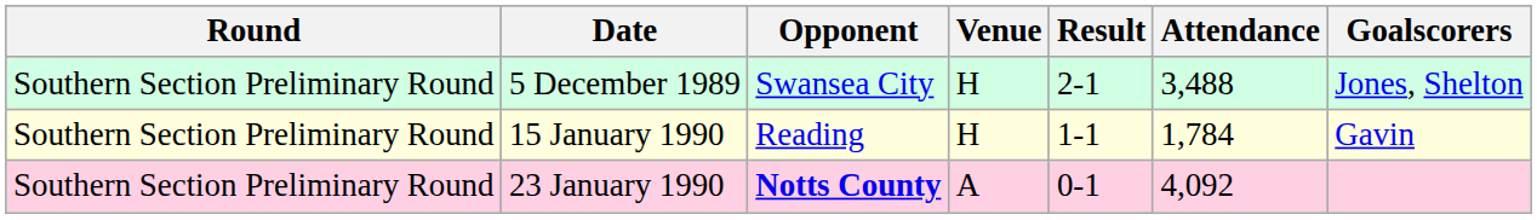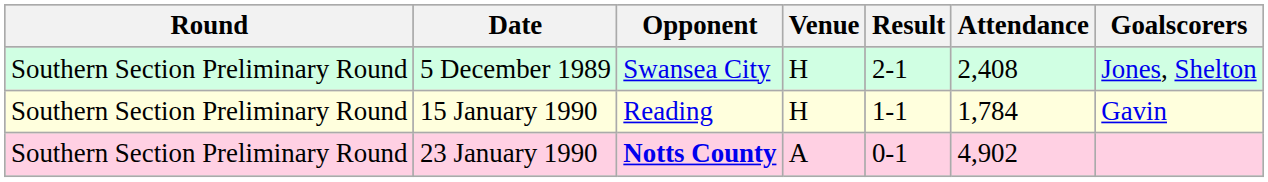 <table class="wikitable">
 <tr>
 <th>Round</th>
 <th>Date</th>
 <th>Opponent</th>
 <th>Venue</th>
 <th>Result</th>
 <th>Attendance</th>
 <th>Goalscorers</th>
 </tr>
 <tr style="background-color: #d0ffe3;">
 <td>Southern Section Preliminary Round</td>
 <td>5 December 1989</td>
 <td><a href='#'>Swansea City</a></td>
 <td>H</td>
 <td>2-1</td>
-<td>3,488</td>
+<td>2,408</td>
 <td><a href='#'>Jones</a>, <a href='#'>Shelton</a></td>
 </tr>
 <tr style="background-color: #ffffdd;">
 <td>Southern Section Preliminary Round</td>
 <td>15 January 1990</td>
 <td><a href='#'>Reading</a></td>
 <td>H</td>
 <td>1-1</td>
 <td>1,784</td>
 <td><a href='#'>Gavin</a></td>
 </tr>
 <tr style="background-color: #ffd0e3;">
 <td>Southern Section Preliminary Round</td>
 <td>23 January 1990</td>
 <td><strong><a href='#'>Notts County</a></strong></td>
 <td>A</td>
 <td>0-1</td>
-<td>4,092</td>
+<td>4,902</td>
 <td></td>
 </tr>
 </table>
